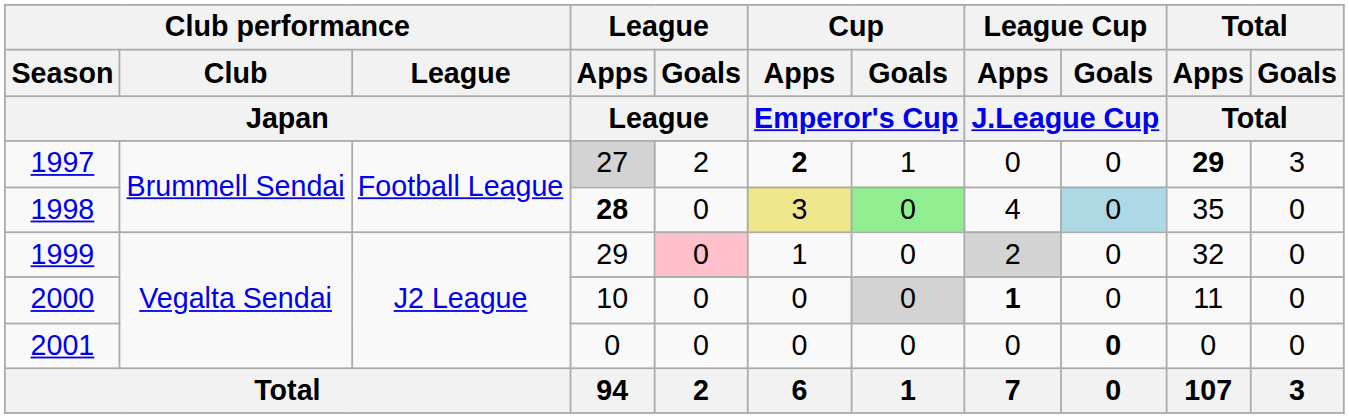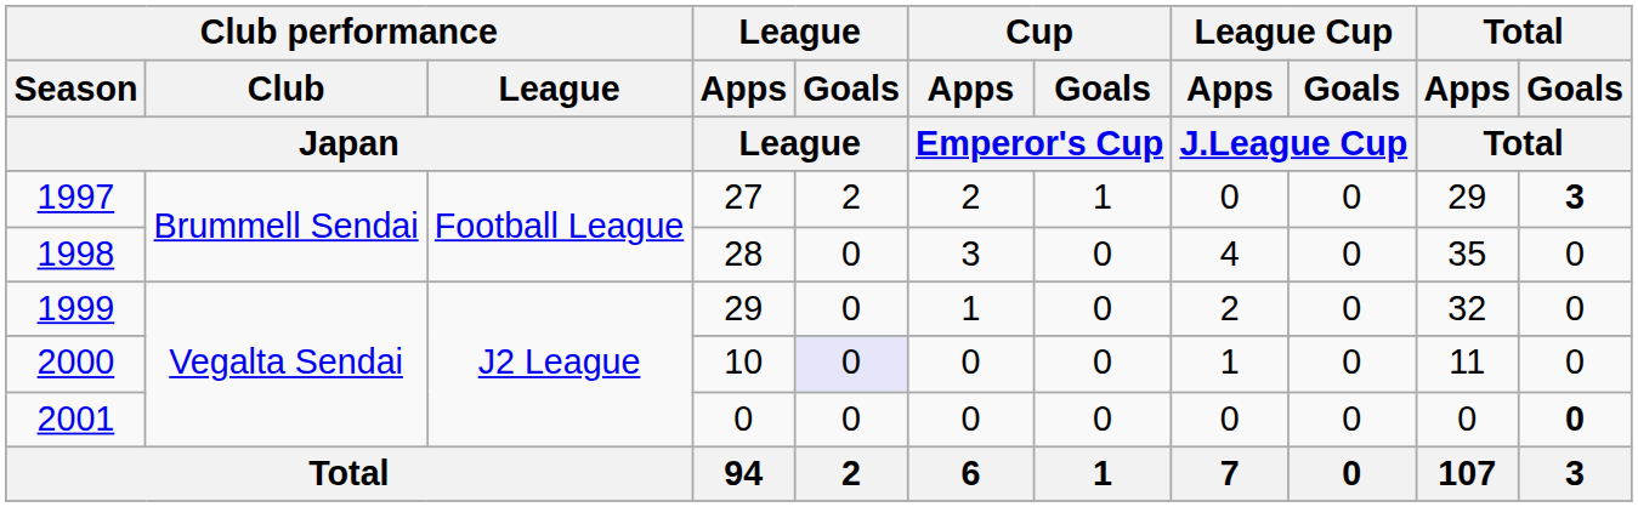 <table class="wikitable" style="text-align:center;">
 <tr>
 <th colspan=3>Club performance</th>
 <th colspan=2>League</th>
 <th colspan=2>Cup</th>
 <th colspan=2>League Cup</th>
 <th colspan=2>Total</th>
 </tr>
 <tr>
 <th>Season</th>
 <th>Club</th>
 <th>League</th>
 <th>Apps</th>
 <th>Goals</th>
 <th>Apps</th>
 <th>Goals</th>
 <th>Apps</th>
 <th>Goals</th>
 <th>Apps</th>
 <th>Goals</th>
 </tr>
 <tr>
 <th colspan=3>Japan</th>
 <th colspan=2>League</th>
 <th colspan=2><a href='#'>Emperor's Cup</a></th>
 <th colspan=2><a href='#'>J.League Cup</a></th>
 <th colspan=2>Total</th>
 </tr>
 <tr>
 <td><a href='#'>1997</a></td>
 <td rowspan="2"><a href='#'>Brummell Sendai</a></td>
 <td rowspan="2"><a href='#'>Football League</a></td>
-<td style="background: lightgrey;">27</td>
+<td>27</td>
 <td>2</td>
-<td><strong>2</strong></td>
+<td>2</td>
 <td>1</td>
 <td>0</td>
 <td>0</td>
-<td><strong>29</strong></td>
-<td>3</td>
+<td>29</td>
+<td><strong>3</strong></td>
 </tr>
 <tr>
 <td><a href='#'>1998</a></td>
-<td><strong>28</strong></td>
+<td>28</td>
 <td>0</td>
-<td style="background: khaki;">3</td>
-<td style="background: lightgreen;">0</td>
+<td>3</td>
+<td>0</td>
 <td>4</td>
-<td style="background: lightblue;">0</td>
+<td>0</td>
 <td>35</td>
 <td>0</td>
 </tr>
 <tr>
 <td><a href='#'>1999</a></td>
 <td rowspan="3"><a href='#'>Vegalta Sendai</a></td>
 <td rowspan="3"><a href='#'>J2 League</a></td>
 <td>29</td>
-<td style="background: pink;">0</td>
+<td>0</td>
 <td>1</td>
 <td>0</td>
-<td style="background: lightgrey;">2</td>
+<td>2</td>
 <td>0</td>
 <td>32</td>
 <td>0</td>
 </tr>
 <tr>
 <td><a href='#'>2000</a></td>
 <td>10</td>
+<td style="background: lavender;">0</td>
 <td>0</td>
 <td>0</td>
-<td style="background: lightgrey;">0</td>
-<td><strong>1</strong></td>
+<td>1</td>
 <td>0</td>
 <td>11</td>
 <td>0</td>
 </tr>
 <tr>
 <td><a href='#'>2001</a></td>
 <td>0</td>
 <td>0</td>
 <td>0</td>
 <td>0</td>
 <td>0</td>
-<td><strong>0</strong></td>
 <td>0</td>
 <td>0</td>
+<td><strong>0</strong></td>
 </tr>
 <tr>
 <th colspan=3>Total</th>
 <th>94</th>
 <th>2</th>
 <th>6</th>
 <th>1</th>
 <th>7</th>
 <th>0</th>
 <th>107</th>
 <th>3</th>
 </tr>
 </table>
